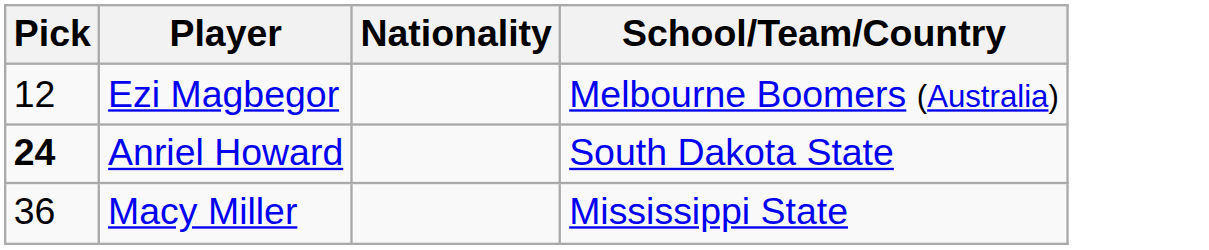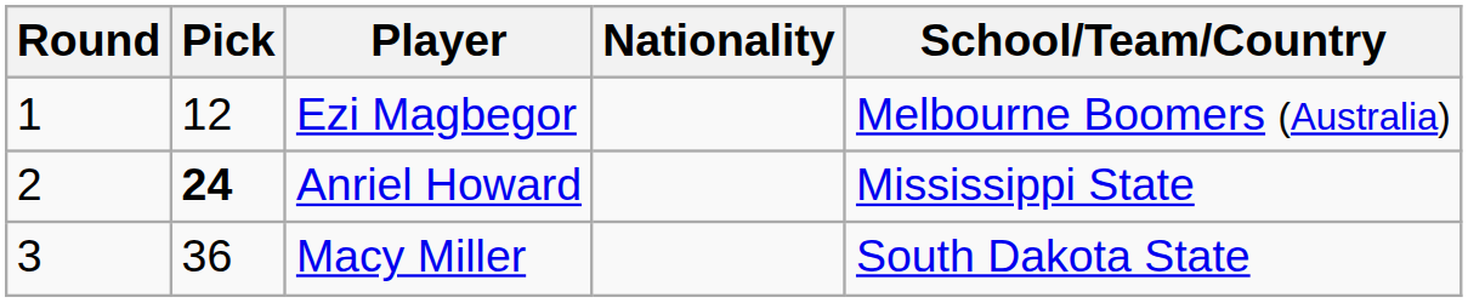 <table class="wikitable">
 <tr>
+<th>Round</th>
 <th>Pick</th>
 <th>Player</th>
 <th>Nationality</th>
 <th>School/Team/Country</th>
 </tr>
 <tr>
+<td>1</td>
 <td>12</td>
 <td><a href='#'>Ezi Magbegor</a></td>
 <td></td>
 <td><a href='#'>Melbourne Boomers</a> <small>(<a href='#'>Australia</a>)</small></td>
 </tr>
 <tr>
+<td>2</td>
 <td><strong>24</strong></td>
 <td><a href='#'>Anriel Howard</a></td>
 <td></td>
-<td><a href='#'>South Dakota State</a></td>
+<td><a href='#'>Mississippi State</a></td>
 </tr>
 <tr>
+<td>3</td>
 <td>36</td>
 <td><a href='#'>Macy Miller</a></td>
 <td></td>
-<td><a href='#'>Mississippi State</a></td>
+<td><a href='#'>South Dakota State</a></td>
 </tr>
 </table>
